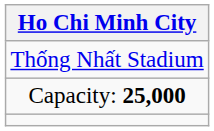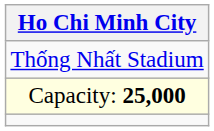 <table class="wikitable" style="text-align:center;margin:1em auto;">
 <tr>
 <th><a href='#'>Ho Chi Minh City</a></th>
 </tr>
 <tr>
 <td><a href='#'>Thống Nhất Stadium</a></td>
 </tr>
 <tr>
-<td>Capacity: <strong>25,000</strong></td>
+<td style="background: lightyellow;">Capacity: <strong>25,000</strong></td>
 </tr>
 <tr>
 <td></td>
 </tr>
 </table>
